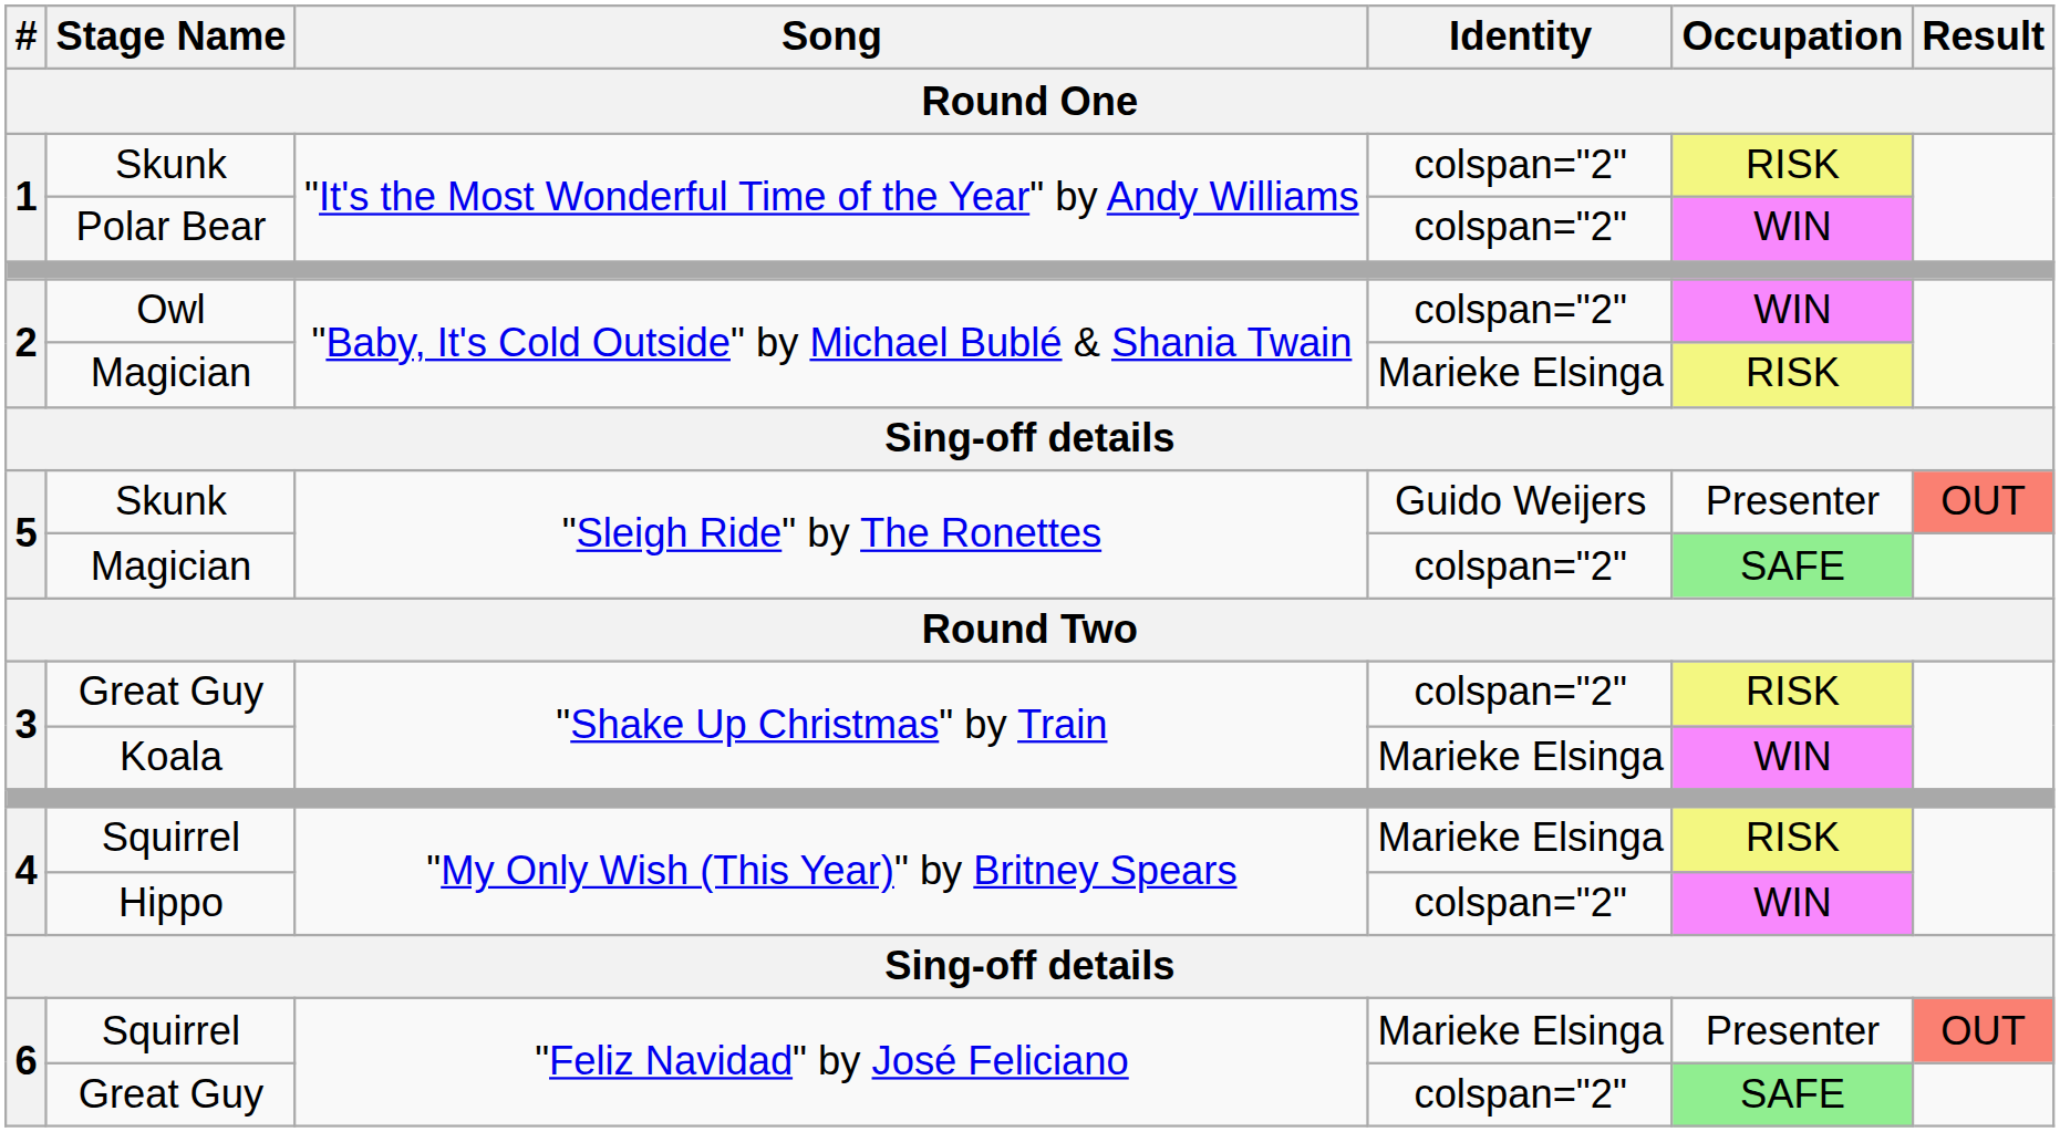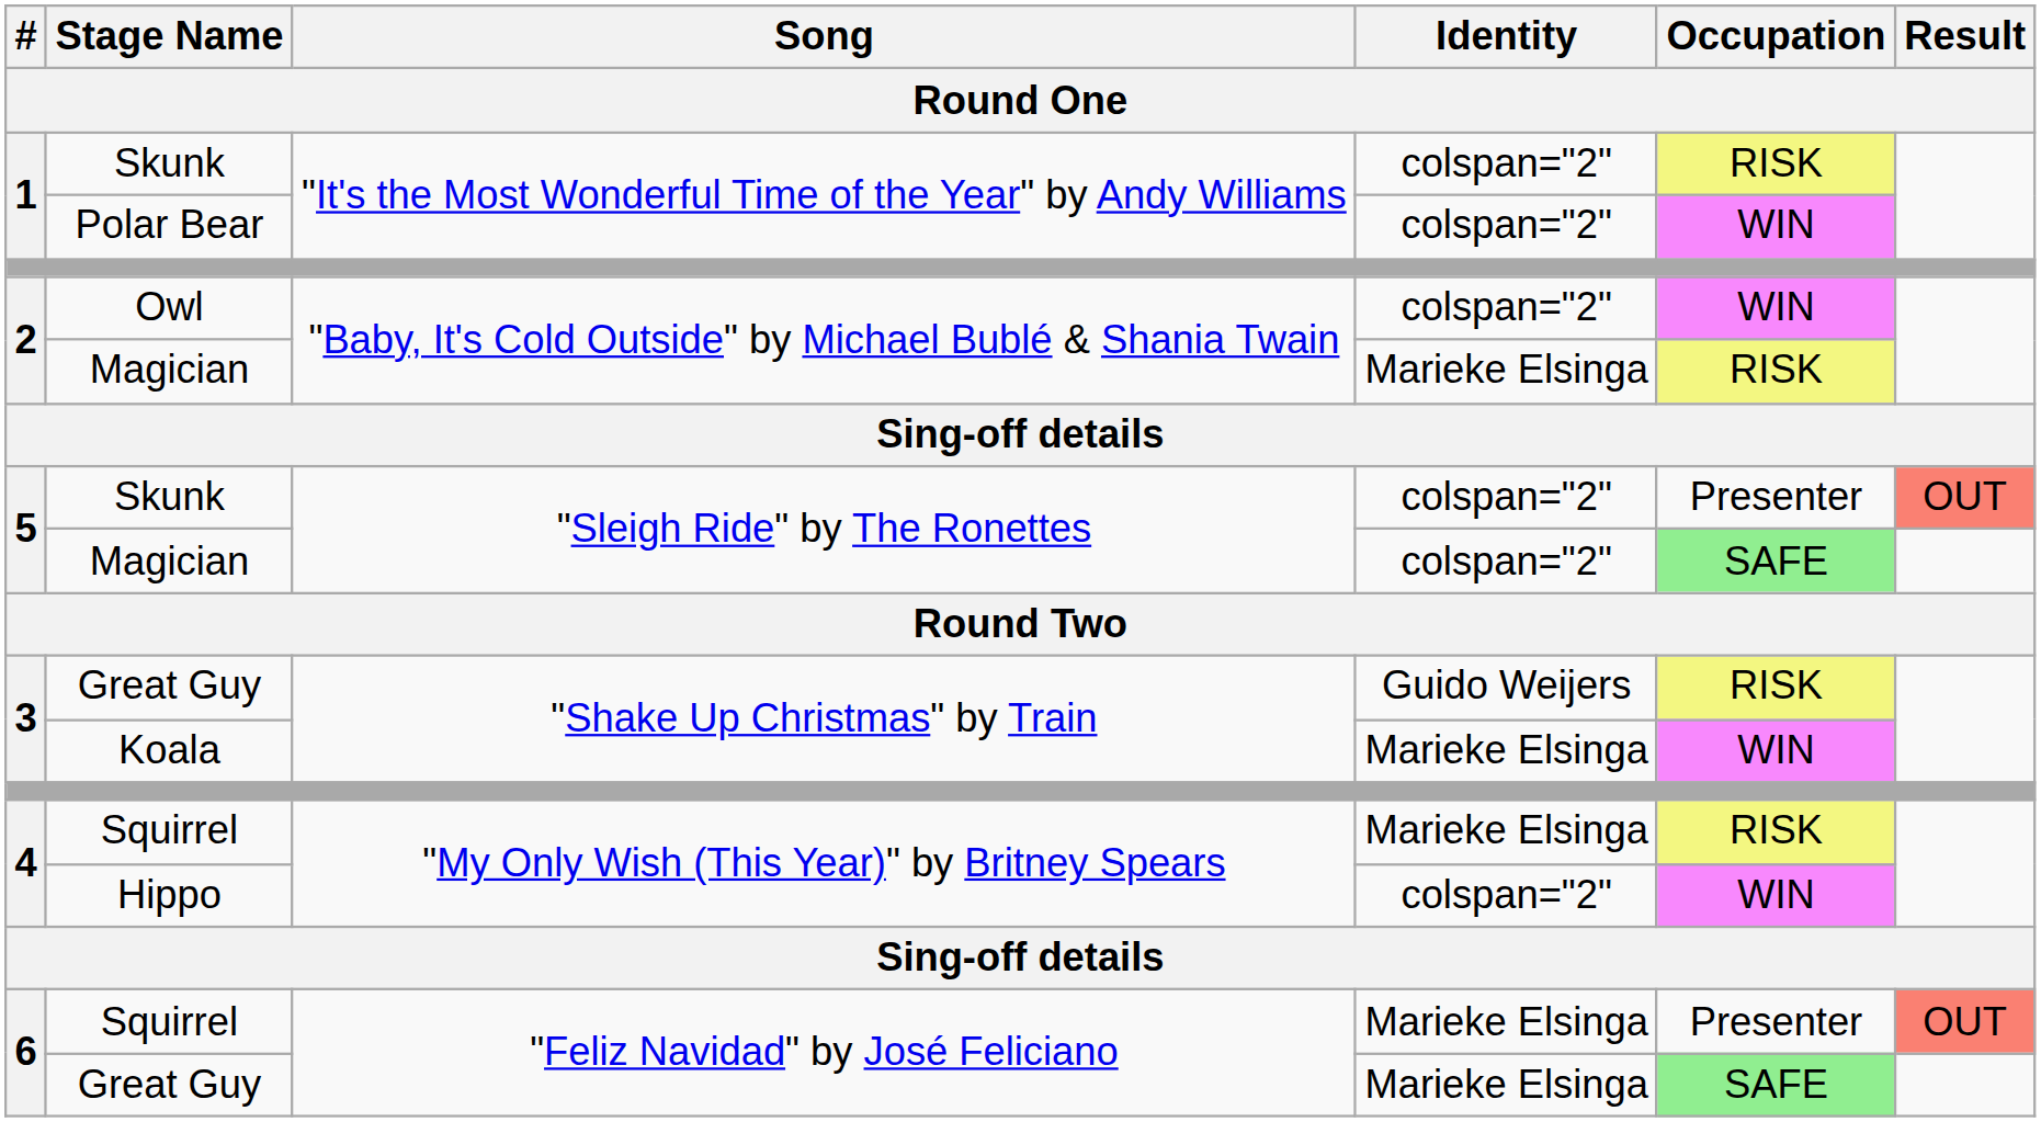 <table class="wikitable plainrowheaders" style="text-align: center;">
 <tr>
 <th><strong>#</strong></th>
 <th><strong>Stage Name</strong></th>
 <th><strong>Song</strong></th>
 <th>Identity</th>
 <th><strong>Occupation</strong></th>
 <th>Result</th>
 </tr>
 <tr>
 <th colspan="6">Round One</th>
 </tr>
 <tr>
 <th rowspan="2">1</th>
 <td>Skunk</td>
 <td rowspan="2">"<a href='#'>It's the Most Wonderful Time of the Year</a>" by <a href='#'>Andy Williams</a></td>
 <td>colspan="2" </td>
 <td bgcolor="#F3F781">RISK</td>
 </tr>
 <tr>
 <td>Polar Bear</td>
 <td>colspan="2" </td>
 <td bgcolor="F888FD">WIN</td>
 </tr>
 <tr>
 <th colspan="6" style="background:darkgrey"></th>
 </tr>
 <tr>
 <th rowspan="2">2</th>
 <td>Owl</td>
 <td rowspan="2">"<a href='#'>Baby, It's Cold Outside</a>" by <a href='#'>Michael Bublé</a> & <a href='#'>Shania Twain</a></td>
 <td>colspan="2" </td>
 <td bgcolor="F888FD">WIN</td>
 </tr>
 <tr>
 <td>Magician</td>
 <td>Marieke Elsinga</td>
 <td bgcolor="#F3F781">RISK</td>
 </tr>
 <tr>
 <th colspan="6">Sing-off details</th>
 </tr>
 <tr>
 <th rowspan="2">5</th>
 <td>Skunk</td>
 <td rowspan="2">"<a href='#'>Sleigh Ride</a>" by <a href='#'>The Ronettes</a></td>
-<td>Guido Weijers</td>
+<td>colspan="2" </td>
 <td>Presenter</td>
 <td bgcolor="salmon">OUT</td>
 </tr>
 <tr>
 <td>Magician</td>
 <td>colspan="2" </td>
 <td bgcolor="lightgreen">SAFE</td>
 </tr>
 <tr>
 <th colspan="6">Round Two</th>
 </tr>
 <tr>
 <th rowspan="2">3</th>
 <td>Great Guy</td>
 <td rowspan="2">"<a href='#'>Shake Up Christmas</a>" by <a href='#'>Train</a></td>
-<td>colspan="2" </td>
+<td>Guido Weijers</td>
 <td bgcolor="#F3F781">RISK</td>
 </tr>
 <tr>
 <td>Koala</td>
 <td>Marieke Elsinga</td>
 <td bgcolor="F888FD">WIN</td>
 </tr>
 <tr>
 <th colspan="6" style="background:darkgrey"></th>
 </tr>
 <tr>
 <th rowspan="2">4</th>
 <td>Squirrel</td>
 <td rowspan="2">"<a href='#'>My Only Wish (This Year)</a>" by <a href='#'>Britney Spears</a></td>
 <td>Marieke Elsinga</td>
 <td bgcolor="#F3F781">RISK</td>
 </tr>
 <tr>
 <td>Hippo</td>
 <td>colspan="2" </td>
 <td bgcolor="F888FD">WIN</td>
 </tr>
 <tr>
 <th colspan="6">Sing-off details</th>
 </tr>
 <tr>
 <th rowspan="2">6</th>
 <td>Squirrel</td>
 <td rowspan="2">"<a href='#'>Feliz Navidad</a>" by <a href='#'>José Feliciano</a></td>
 <td>Marieke Elsinga</td>
 <td>Presenter</td>
 <td bgcolor="salmon">OUT</td>
 </tr>
 <tr>
 <td>Great Guy</td>
-<td>colspan="2" </td>
+<td>Marieke Elsinga</td>
 <td bgcolor="lightgreen">SAFE</td>
 </tr>
 </table>
